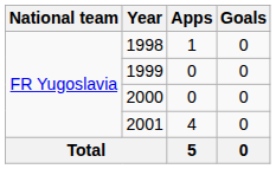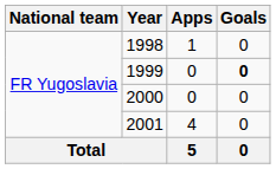 <table class="wikitable" style="text-align:center">
 <tr>
 <th>National team</th>
 <th>Year</th>
 <th>Apps</th>
 <th>Goals</th>
 </tr>
 <tr>
 <td rowspan="4" style="vertical-align:center"><a href='#'>FR Yugoslavia</a></td>
 <td>1998</td>
 <td>1</td>
 <td>0</td>
 </tr>
 <tr>
 <td>1999</td>
 <td>0</td>
-<td>0</td>
+<td><strong>0</strong></td>
 </tr>
 <tr>
 <td>2000</td>
 <td>0</td>
 <td>0</td>
 </tr>
 <tr>
 <td>2001</td>
 <td>4</td>
 <td>0</td>
 </tr>
 <tr>
 <th colspan="2">Total</th>
 <th>5</th>
 <th>0</th>
 </tr>
 </table>
